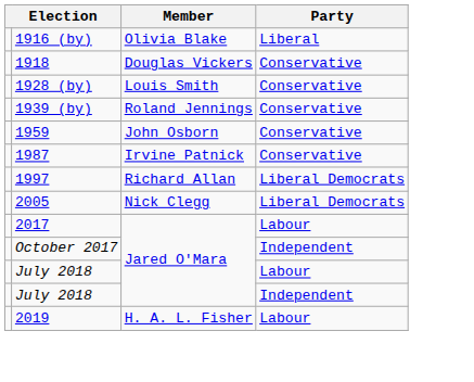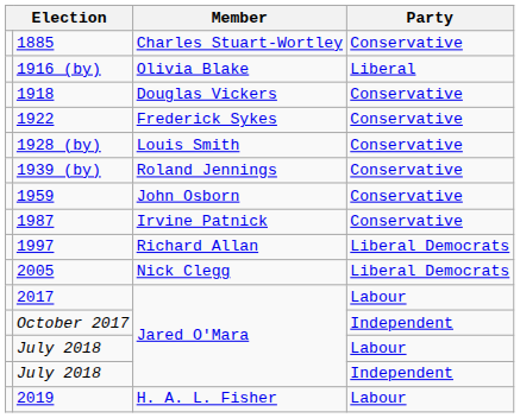 <table class="wikitable">
 <tr>
 <th colspan="2">Election</th>
 <th>Member</th>
 <th>Party</th>
+</tr>
+<tr>
+<td style="color:inherit;background-color: "></td>
+<td><a href='#'>1885</a></td>
+<td><a href='#'>Charles Stuart-Wortley</a></td>
+<td><a href='#'>Conservative</a></td>
 </tr>
 <tr>
 <td style="color:inherit;background-color: "></td>
 <td><a href='#'>1916 (by)</a></td>
 <td><a href='#'>Olivia Blake</a></td>
 <td><a href='#'>Liberal</a></td>
 </tr>
 <tr>
 <td style="color:inherit;background-color: "></td>
 <td><a href='#'>1918</a></td>
 <td><a href='#'>Douglas Vickers</a></td>
+<td><a href='#'>Conservative</a></td>
+</tr>
+<tr>
+<td style="color:inherit;background-color: "></td>
+<td><a href='#'>1922</a></td>
+<td><a href='#'>Frederick Sykes</a></td>
 <td><a href='#'>Conservative</a></td>
 </tr>
 <tr>
 <td style="color:inherit;background-color: "></td>
 <td><a href='#'>1928 (by)</a></td>
 <td><a href='#'>Louis Smith</a></td>
 <td><a href='#'>Conservative</a></td>
 </tr>
 <tr>
 <td style="color:inherit;background-color: "></td>
 <td><a href='#'>1939 (by)</a></td>
 <td><a href='#'>Roland Jennings</a></td>
 <td><a href='#'>Conservative</a></td>
 </tr>
 <tr>
 <td style="color:inherit;background-color: "></td>
 <td><a href='#'>1959</a></td>
 <td><a href='#'>John Osborn</a></td>
 <td><a href='#'>Conservative</a></td>
 </tr>
 <tr>
 <td style="color:inherit;background-color: "></td>
 <td><a href='#'>1987</a></td>
 <td><a href='#'>Irvine Patnick</a></td>
 <td><a href='#'>Conservative</a></td>
 </tr>
 <tr>
 <td style="color:inherit;background-color: "></td>
 <td><a href='#'>1997</a></td>
 <td><a href='#'>Richard Allan</a></td>
 <td><a href='#'>Liberal Democrats</a></td>
 </tr>
 <tr>
 <td style="color:inherit;background-color: "></td>
 <td><a href='#'>2005</a></td>
 <td><a href='#'>Nick Clegg</a></td>
 <td><a href='#'>Liberal Democrats</a></td>
 </tr>
 <tr>
 <td style="color:inherit;background-color: "></td>
 <td><a href='#'>2017</a></td>
 <td rowspan="4"><a href='#'>Jared O'Mara</a></td>
 <td><a href='#'>Labour</a></td>
 </tr>
 <tr>
 <td style="color:inherit;background-color: "></td>
 <td><em>October 2017</em></td>
 <td><a href='#'>Independent</a></td>
 </tr>
 <tr>
 <td style="color:inherit;background-color: "></td>
 <td><em>July 2018</em></td>
 <td><a href='#'>Labour</a></td>
 </tr>
 <tr>
 <td style="color:inherit;background-color: "></td>
 <td><em>July 2018</em></td>
 <td><a href='#'>Independent</a></td>
 </tr>
 <tr>
 <td style="color:inherit;background-color: "></td>
 <td><a href='#'>2019</a></td>
 <td><a href='#'>H. A. L. Fisher</a></td>
 <td><a href='#'>Labour</a></td>
 </tr>
 </table>
